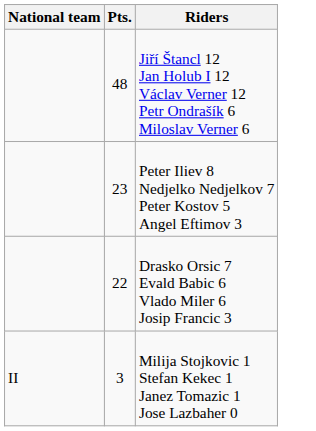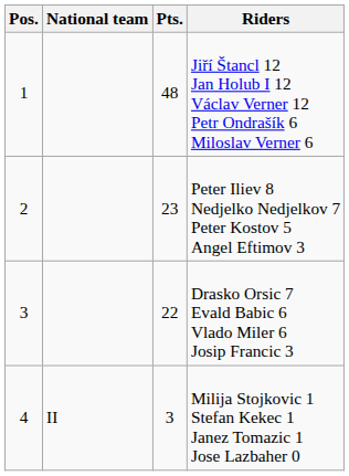 <table class=wikitable style="font-size:93%;">
 <tr>
+<th>Pos.</th>
 <th>National team</th>
 <th>Pts.</th>
 <th>Riders</th>
 </tr>
 <tr align=center >
+<td>1</td>
 <td align=left></td>
 <td>48</td>
 <td align=left><br><a href='#'>Jiří Štancl</a> 12<br> <a href='#'>Jan Holub I</a> 12<br> <a href='#'>Václav Verner</a> 12<br> <a href='#'>Petr Ondrašík</a> 6<br> <a href='#'>Miloslav Verner</a> 6</td>
 </tr>
 <tr align=center >
+<td>2</td>
 <td align=left></td>
 <td>23</td>
 <td align=left><br>Peter Iliev 8<br> Nedjelko Nedjelkov 7<br> Peter Kostov 5<br> Angel Eftimov 3</td>
 </tr>
 <tr align=center>
+<td>3</td>
 <td align=left></td>
 <td>22</td>
 <td align=left><br>Drasko Orsic 7<br> Evald Babic 6<br> Vlado Miler 6<br> Josip Francic 3</td>
 </tr>
 <tr align=center>
+<td>4</td>
 <td align=left> II</td>
 <td>3</td>
 <td align=left><br>Milija Stojkovic 1<br> Stefan Kekec 1<br> Janez Tomazic 1<br> Jose Lazbaher 0</td>
 </tr>
 </table>
